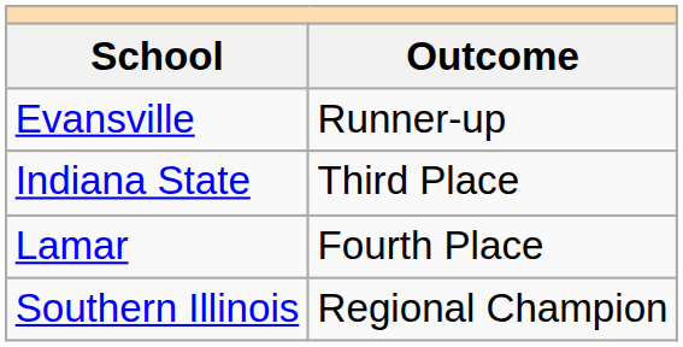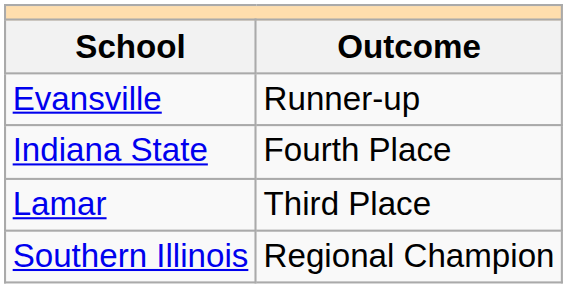 <table class="wikitable">
 <tr>
 <th colspan="3" style="background:#ffdead;"></th>
 </tr>
 <tr>
 <th>School</th>
 <th>Outcome</th>
 </tr>
 <tr>
 <td><a href='#'>Evansville</a></td>
 <td>Runner-up</td>
 </tr>
 <tr>
 <td><a href='#'>Indiana State</a></td>
-<td>Third Place</td>
+<td>Fourth Place</td>
 </tr>
 <tr>
 <td><a href='#'>Lamar</a></td>
-<td>Fourth Place</td>
+<td>Third Place</td>
 </tr>
 <tr>
 <td><a href='#'>Southern Illinois</a></td>
 <td>Regional Champion</td>
 </tr>
 </table>
